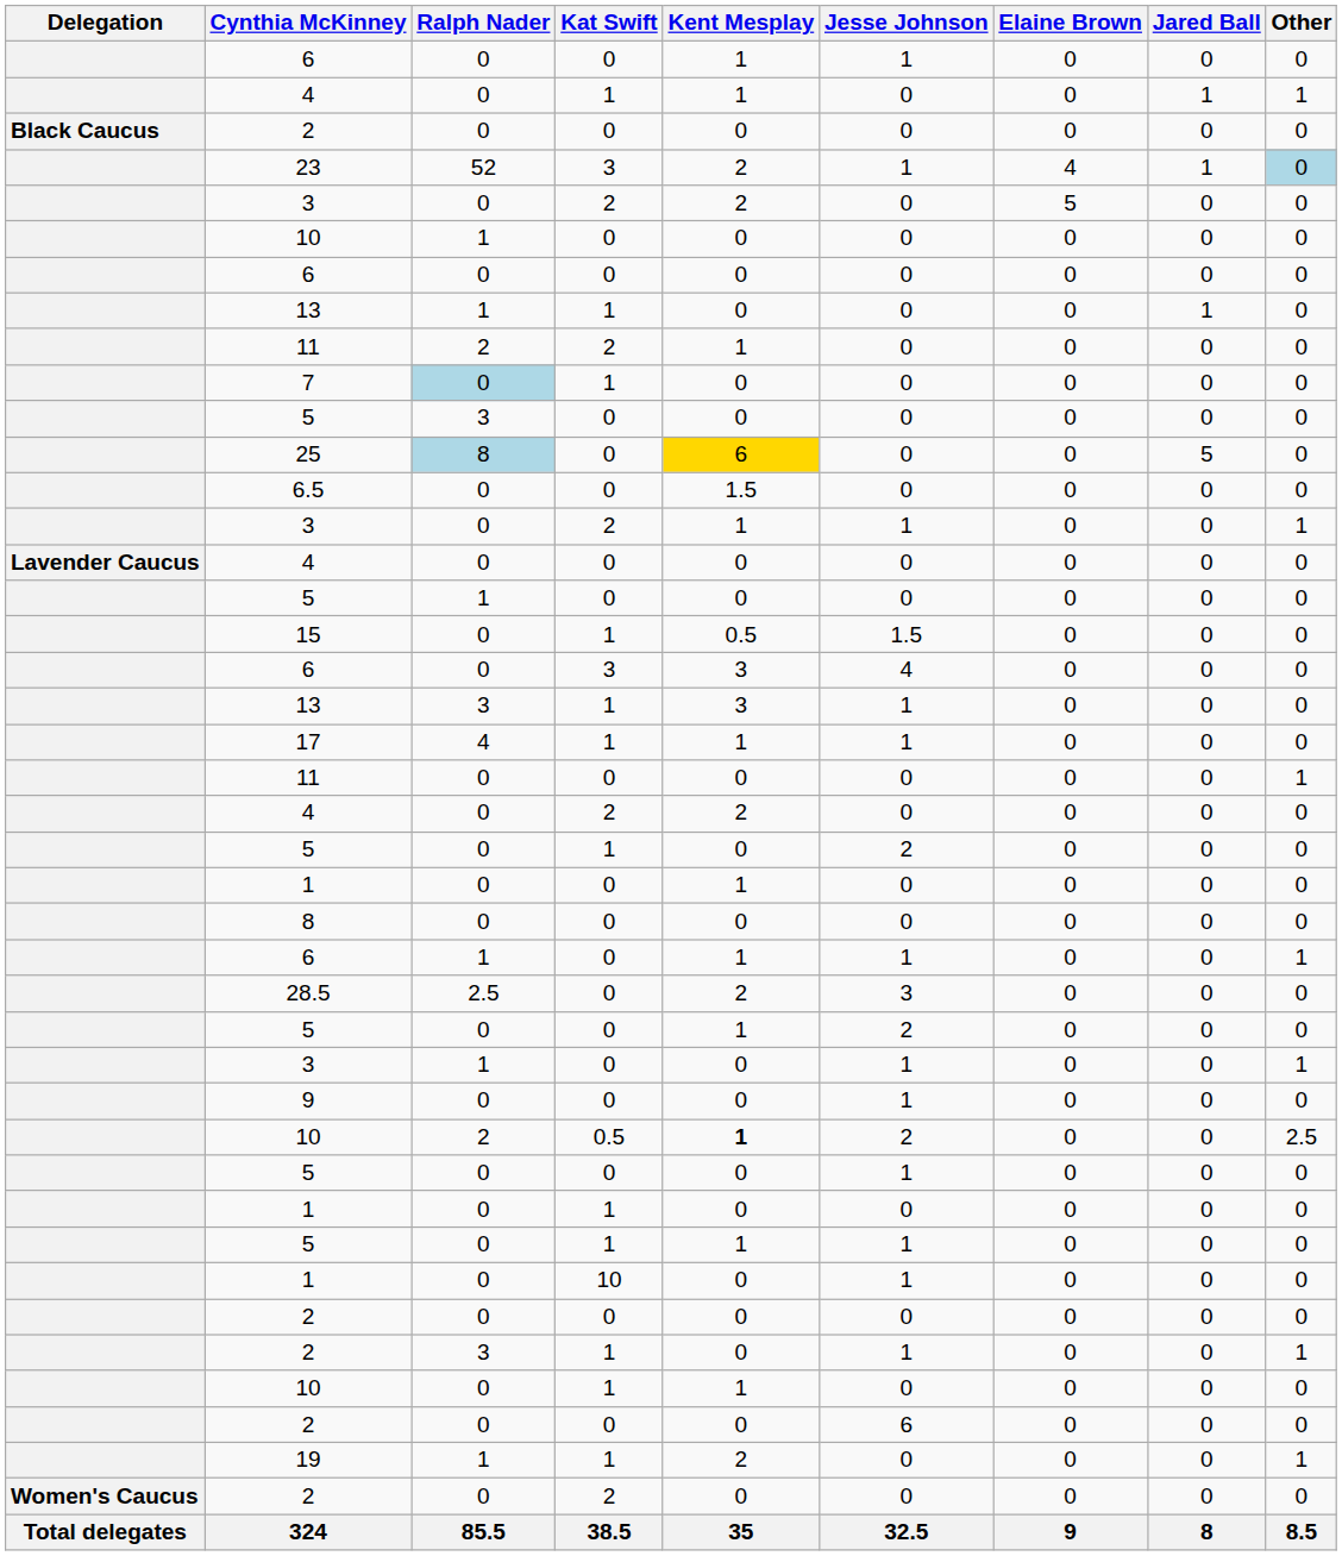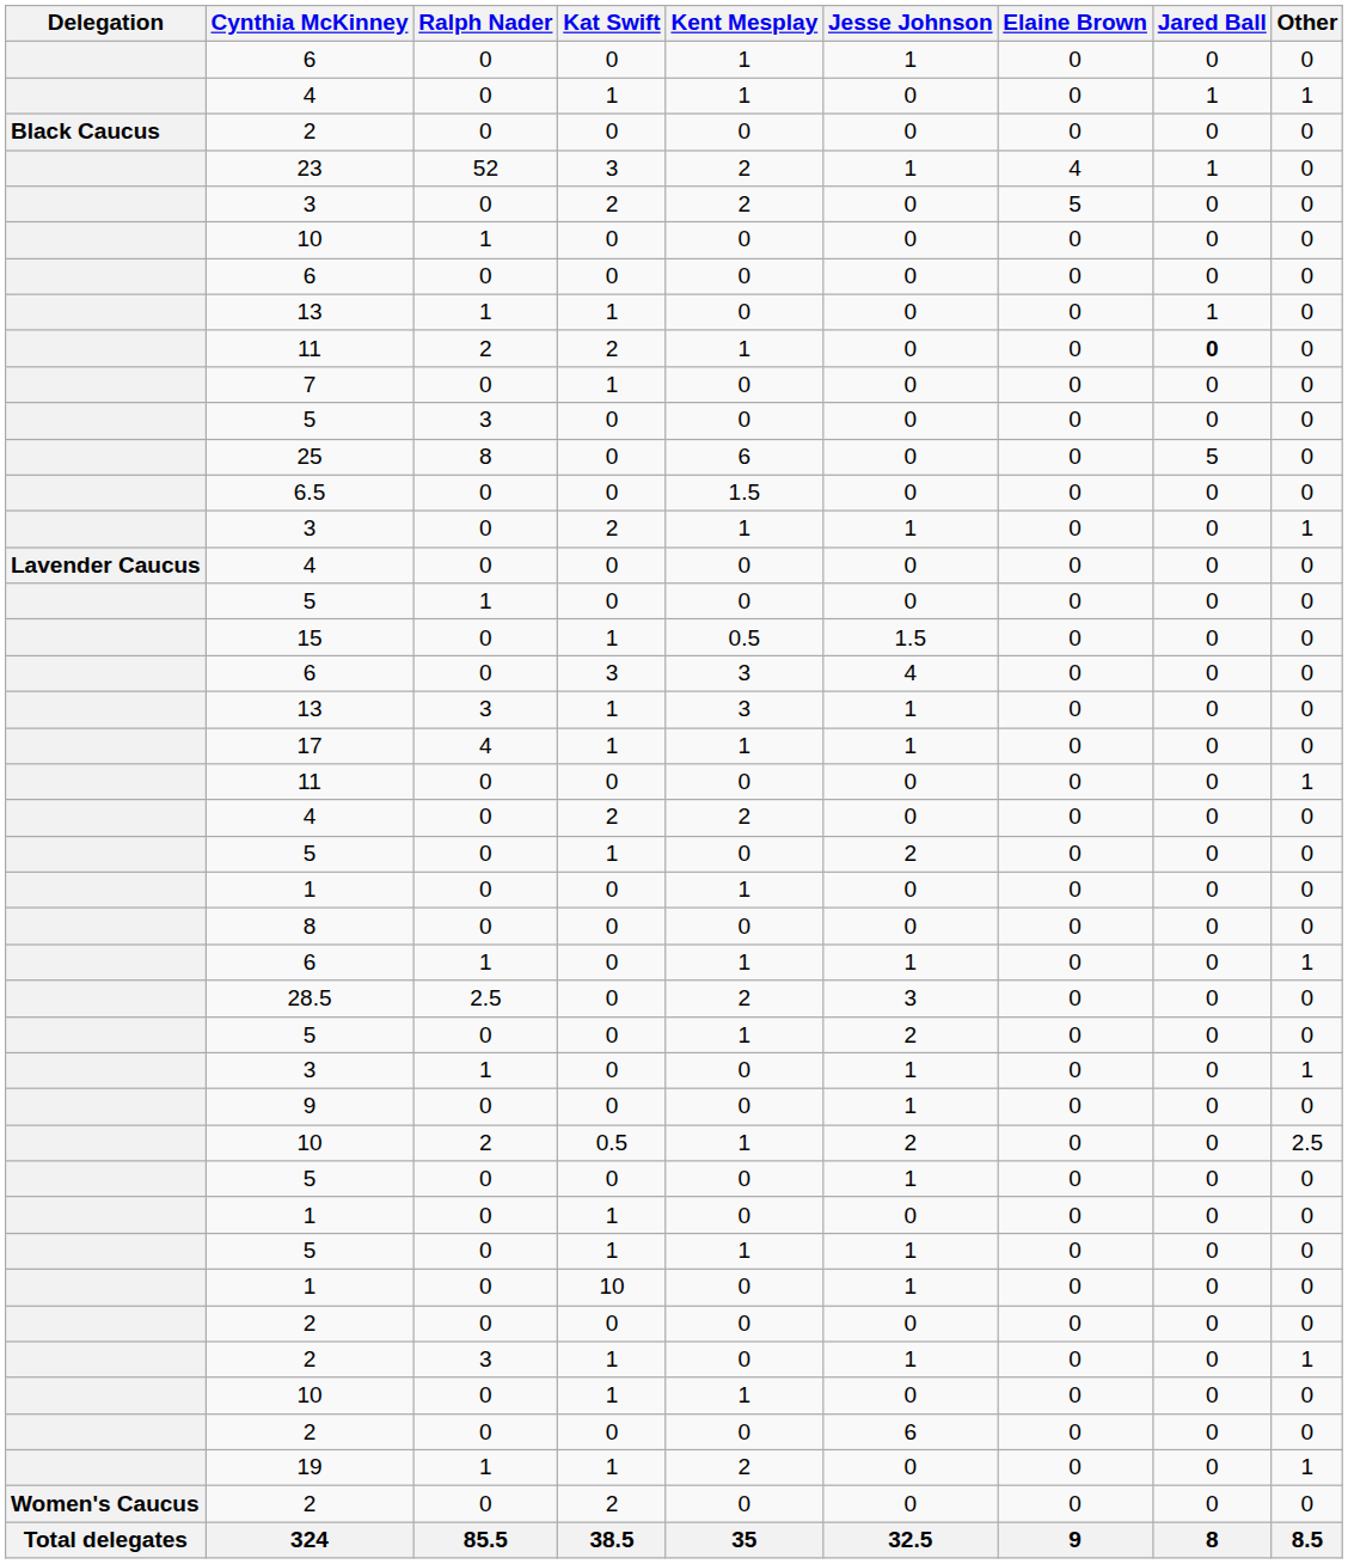 <table class="wikitable sortable" style="text-align:center;">
 <tr>
 <th>Delegation</th>
 <th data-sort-type="number"> <a href='#'>Cynthia McKinney</a></th>
 <th data-sort-type="number"> <a href='#'>Ralph Nader</a></th>
 <th data-sort-type="number"> <a href='#'>Kat Swift</a></th>
 <th data-sort-type="number"> <a href='#'>Kent Mesplay</a></th>
 <th data-sort-type="number"> <a href='#'>Jesse Johnson</a></th>
 <th data-sort-type="number"> <a href='#'>Elaine Brown</a></th>
 <th data-sort-type="number"> <a href='#'>Jared Ball</a></th>
 <th data-sort-type="number">Other</th>
 </tr>
 <tr>
 <th style="text-align:left;"></th>
 <td>6</td>
 <td>0</td>
 <td>0</td>
 <td>1</td>
 <td>1</td>
 <td>0</td>
 <td>0</td>
 <td>0</td>
 </tr>
 <tr>
 <th style="text-align:left;"></th>
 <td>4</td>
 <td>0</td>
 <td>1</td>
 <td>1</td>
 <td>0</td>
 <td>0</td>
 <td>1</td>
 <td>1</td>
 </tr>
 <tr>
 <th style="text-align:left;">Black Caucus</th>
 <td>2</td>
 <td>0</td>
 <td>0</td>
 <td>0</td>
 <td>0</td>
 <td>0</td>
 <td>0</td>
 <td>0</td>
 </tr>
 <tr>
 <th style="text-align:left;"></th>
 <td>23</td>
 <td>52</td>
 <td>3</td>
 <td>2</td>
 <td>1</td>
 <td>4</td>
 <td>1</td>
-<td style="background: lightblue;">0</td>
+<td>0</td>
 </tr>
 <tr>
 <th style="text-align:left;"></th>
 <td>3</td>
 <td>0</td>
 <td>2</td>
 <td>2</td>
 <td>0</td>
 <td>5</td>
 <td>0</td>
 <td>0</td>
 </tr>
 <tr>
 <th style="text-align:left;"></th>
 <td>10</td>
 <td>1</td>
 <td>0</td>
 <td>0</td>
 <td>0</td>
 <td>0</td>
 <td>0</td>
 <td>0</td>
 </tr>
 <tr>
 <th style="text-align:left;"></th>
 <td>6</td>
 <td>0</td>
 <td>0</td>
 <td>0</td>
 <td>0</td>
 <td>0</td>
 <td>0</td>
 <td>0</td>
 </tr>
 <tr>
 <th style="text-align:left;"></th>
 <td>13</td>
 <td>1</td>
 <td>1</td>
 <td>0</td>
 <td>0</td>
 <td>0</td>
 <td>1</td>
 <td>0</td>
 </tr>
 <tr>
 <th style="text-align:left;"></th>
 <td>11</td>
 <td>2</td>
 <td>2</td>
 <td>1</td>
 <td>0</td>
 <td>0</td>
-<td>0</td>
+<td><strong>0</strong></td>
 <td>0</td>
 </tr>
 <tr>
 <th style="text-align:left;"></th>
 <td>7</td>
-<td style="background: lightblue;">0</td>
+<td>0</td>
 <td>1</td>
 <td>0</td>
 <td>0</td>
 <td>0</td>
 <td>0</td>
 <td>0</td>
 </tr>
 <tr>
 <th style="text-align:left;"></th>
 <td>5</td>
 <td>3</td>
 <td>0</td>
 <td>0</td>
 <td>0</td>
 <td>0</td>
 <td>0</td>
 <td>0</td>
 </tr>
 <tr>
 <th style="text-align:left;"></th>
 <td>25</td>
-<td style="background: lightblue;">8</td>
+<td>8</td>
 <td>0</td>
-<td style="background: gold;">6</td>
+<td>6</td>
 <td>0</td>
 <td>0</td>
 <td>5</td>
 <td>0</td>
 </tr>
 <tr>
 <th style="text-align:left;"></th>
 <td>6.5</td>
 <td>0</td>
 <td>0</td>
 <td>1.5</td>
 <td>0</td>
 <td>0</td>
 <td>0</td>
 <td>0</td>
 </tr>
 <tr>
 <th style="text-align:left;"></th>
 <td>3</td>
 <td>0</td>
 <td>2</td>
 <td>1</td>
 <td>1</td>
 <td>0</td>
 <td>0</td>
 <td>1</td>
 </tr>
 <tr>
 <th style="text-align:left;">Lavender Caucus</th>
 <td>4</td>
 <td>0</td>
 <td>0</td>
 <td>0</td>
 <td>0</td>
 <td>0</td>
 <td>0</td>
 <td>0</td>
 </tr>
 <tr>
 <th style="text-align:left;"></th>
 <td>5</td>
 <td>1</td>
 <td>0</td>
 <td>0</td>
 <td>0</td>
 <td>0</td>
 <td>0</td>
 <td>0</td>
 </tr>
 <tr>
 <th style="text-align:left;"></th>
 <td>15</td>
 <td>0</td>
 <td>1</td>
 <td>0.5</td>
 <td>1.5</td>
 <td>0</td>
 <td>0</td>
 <td>0</td>
 </tr>
 <tr>
 <th style="text-align:left;"></th>
 <td>6</td>
 <td>0</td>
 <td>3</td>
 <td>3</td>
 <td>4</td>
 <td>0</td>
 <td>0</td>
 <td>0</td>
 </tr>
 <tr>
 <th style="text-align:left;"></th>
 <td>13</td>
 <td>3</td>
 <td>1</td>
 <td>3</td>
 <td>1</td>
 <td>0</td>
 <td>0</td>
 <td>0</td>
 </tr>
 <tr>
 <th style="text-align:left;"></th>
 <td>17</td>
 <td>4</td>
 <td>1</td>
 <td>1</td>
 <td>1</td>
 <td>0</td>
 <td>0</td>
 <td>0</td>
 </tr>
 <tr>
 <th style="text-align:left;"></th>
 <td>11</td>
 <td>0</td>
 <td>0</td>
 <td>0</td>
 <td>0</td>
 <td>0</td>
 <td>0</td>
 <td>1</td>
 </tr>
 <tr>
 <th style="text-align:left;"></th>
 <td>4</td>
 <td>0</td>
 <td>2</td>
 <td>2</td>
 <td>0</td>
 <td>0</td>
 <td>0</td>
 <td>0</td>
 </tr>
 <tr>
 <th style="text-align:left;"></th>
 <td>5</td>
 <td>0</td>
 <td>1</td>
 <td>0</td>
 <td>2</td>
 <td>0</td>
 <td>0</td>
 <td>0</td>
 </tr>
 <tr>
 <th style="text-align:left;"></th>
 <td>1</td>
 <td>0</td>
 <td>0</td>
 <td>1</td>
 <td>0</td>
 <td>0</td>
 <td>0</td>
 <td>0</td>
 </tr>
 <tr>
 <th style="text-align:left;"></th>
 <td>8</td>
 <td>0</td>
 <td>0</td>
 <td>0</td>
 <td>0</td>
 <td>0</td>
 <td>0</td>
 <td>0</td>
 </tr>
 <tr>
 <th style="text-align:left;"></th>
 <td>6</td>
 <td>1</td>
 <td>0</td>
 <td>1</td>
 <td>1</td>
 <td>0</td>
 <td>0</td>
 <td>1</td>
 </tr>
 <tr>
 <th style="text-align:left;"></th>
 <td>28.5</td>
 <td>2.5</td>
 <td>0</td>
 <td>2</td>
 <td>3</td>
 <td>0</td>
 <td>0</td>
 <td>0</td>
 </tr>
 <tr>
 <th style="text-align:left;"></th>
 <td>5</td>
 <td>0</td>
 <td>0</td>
 <td>1</td>
 <td>2</td>
 <td>0</td>
 <td>0</td>
 <td>0</td>
 </tr>
 <tr>
 <th style="text-align:left;"></th>
 <td>3</td>
 <td>1</td>
 <td>0</td>
 <td>0</td>
 <td>1</td>
 <td>0</td>
 <td>0</td>
 <td>1</td>
 </tr>
 <tr>
 <th style="text-align:left;"></th>
 <td>9</td>
 <td>0</td>
 <td>0</td>
 <td>0</td>
 <td>1</td>
 <td>0</td>
 <td>0</td>
 <td>0</td>
 </tr>
 <tr>
 <th style="text-align:left;"></th>
 <td>10</td>
 <td>2</td>
 <td>0.5</td>
-<td><strong>1</strong></td>
+<td>1</td>
 <td>2</td>
 <td>0</td>
 <td>0</td>
 <td>2.5</td>
 </tr>
 <tr>
 <th style="text-align:left;"></th>
 <td>5</td>
 <td>0</td>
 <td>0</td>
 <td>0</td>
 <td>1</td>
 <td>0</td>
 <td>0</td>
 <td>0</td>
 </tr>
 <tr>
 <th style="text-align:left;"></th>
 <td>1</td>
 <td>0</td>
 <td>1</td>
 <td>0</td>
 <td>0</td>
 <td>0</td>
 <td>0</td>
 <td>0</td>
 </tr>
 <tr>
 <th style="text-align:left;"></th>
 <td>5</td>
 <td>0</td>
 <td>1</td>
 <td>1</td>
 <td>1</td>
 <td>0</td>
 <td>0</td>
 <td>0</td>
 </tr>
 <tr>
 <th style="text-align:left;"></th>
 <td>1</td>
 <td>0</td>
 <td>10</td>
 <td>0</td>
 <td>1</td>
 <td>0</td>
 <td>0</td>
 <td>0</td>
 </tr>
 <tr>
 <th style="text-align:left;"></th>
 <td>2</td>
 <td>0</td>
 <td>0</td>
 <td>0</td>
 <td>0</td>
 <td>0</td>
 <td>0</td>
 <td>0</td>
 </tr>
 <tr>
 <th style="text-align:left;"></th>
 <td>2</td>
 <td>3</td>
 <td>1</td>
 <td>0</td>
 <td>1</td>
 <td>0</td>
 <td>0</td>
 <td>1</td>
 </tr>
 <tr>
 <th style="text-align:left;"></th>
 <td>10</td>
 <td>0</td>
 <td>1</td>
 <td>1</td>
 <td>0</td>
 <td>0</td>
 <td>0</td>
 <td>0</td>
 </tr>
 <tr>
 <th style="text-align:left;"></th>
 <td>2</td>
 <td>0</td>
 <td>0</td>
 <td>0</td>
 <td>6</td>
 <td>0</td>
 <td>0</td>
 <td>0</td>
 </tr>
 <tr>
 <th style="text-align:left;"></th>
 <td>19</td>
 <td>1</td>
 <td>1</td>
 <td>2</td>
 <td>0</td>
 <td>0</td>
 <td>0</td>
 <td>1</td>
 </tr>
 <tr>
 <th style="text-align:left;">Women's Caucus</th>
 <td>2</td>
 <td>0</td>
 <td>2</td>
 <td>0</td>
 <td>0</td>
 <td>0</td>
 <td>0</td>
 <td>0</td>
 </tr>
 <tr>
 <th>Total delegates</th>
 <th>324</th>
 <th>85.5</th>
 <th>38.5</th>
 <th>35</th>
 <th>32.5</th>
 <th>9</th>
 <th>8</th>
 <th>8.5</th>
 </tr>
 </table>
